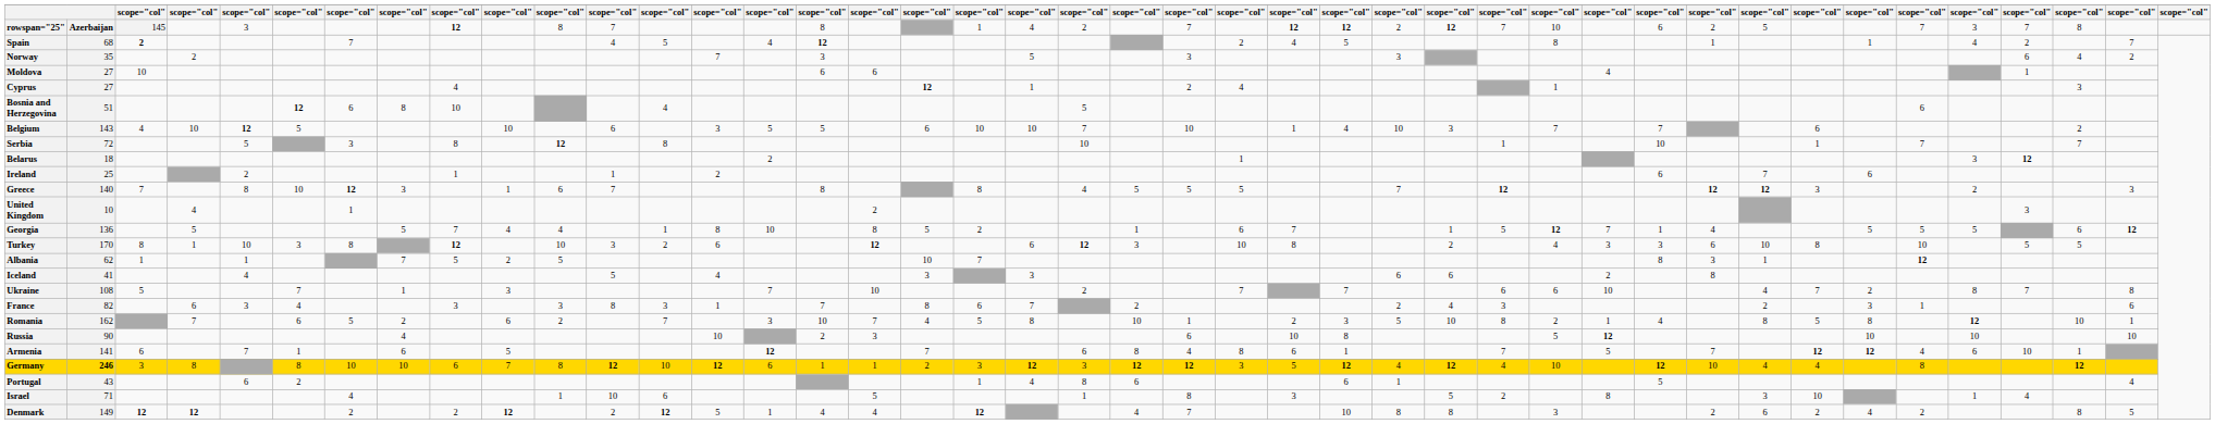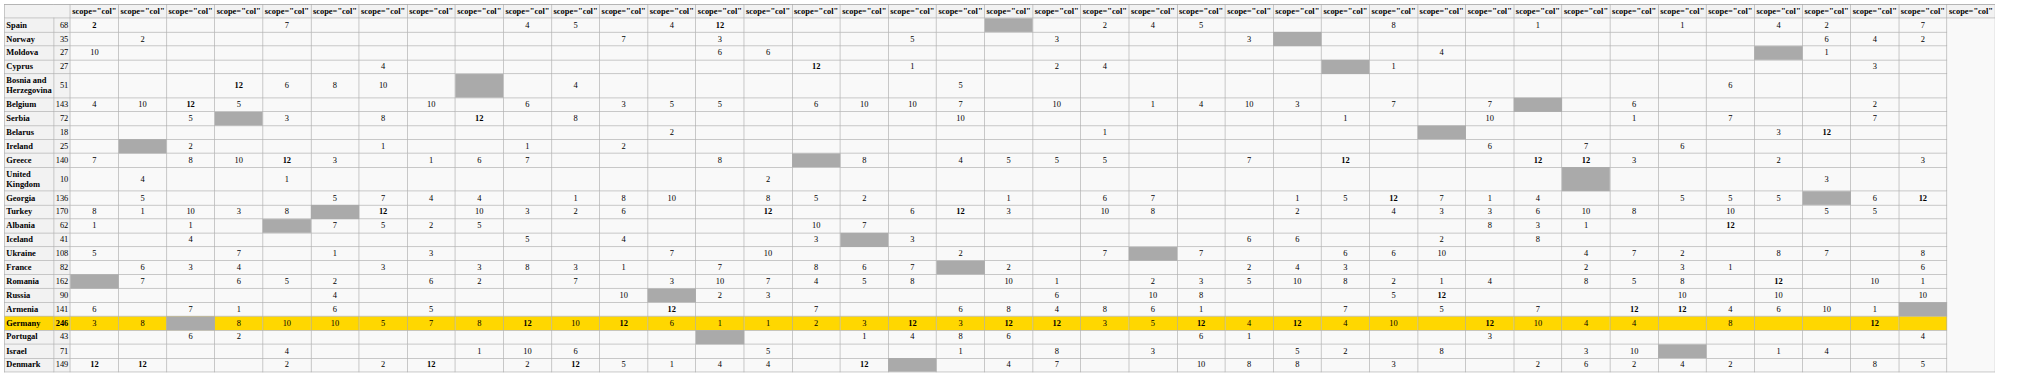 <table class="wikitable plainrowheaders" style="text-align:center; font-size:85%;">
 <tr>
 </tr>
 <tr>
 <th colspan="2"></th>
 <th>scope="col" </th>
 <th>scope="col" </th>
 <th>scope="col" </th>
 <th>scope="col" </th>
 <th>scope="col" </th>
 <th>scope="col" </th>
 <th>scope="col" </th>
 <th>scope="col" </th>
 <th>scope="col" </th>
 <th>scope="col" </th>
 <th>scope="col" </th>
 <th>scope="col" </th>
 <th>scope="col" </th>
 <th>scope="col" </th>
 <th>scope="col" </th>
 <th>scope="col" </th>
 <th>scope="col" </th>
 <th>scope="col" </th>
 <th>scope="col" </th>
 <th>scope="col" </th>
 <th>scope="col" </th>
 <th>scope="col" </th>
 <th>scope="col" </th>
 <th>scope="col" </th>
 <th>scope="col" </th>
 <th>scope="col" </th>
 <th>scope="col" </th>
 <th>scope="col" </th>
 <th>scope="col" </th>
 <th>scope="col" </th>
 <th>scope="col" </th>
 <th>scope="col" </th>
 <th>scope="col" </th>
 <th>scope="col" </th>
 <th>scope="col" </th>
 <th>scope="col" </th>
 <th>scope="col" </th>
 <th>scope="col" </th>
 <th>scope="col" </th>
 <th>scope="col" </th>
-</tr>
-<tr>
-<th>rowspan="25" </th>
-<th scope="row" style="text-align:left; background:#f2f2f2;">Azerbaijan</th>
-<td style="text-align:right; background:#f2f2f2;">145</td>
-<td></td>
-<td>3</td>
-<td></td>
-<td></td>
-<td></td>
-<td><strong>12</strong></td>
-<td></td>
-<td>8</td>
-<td>7</td>
-<td></td>
-<td></td>
-<td></td>
-<td>8</td>
-<td></td>
-<td style="text-align:left; background:#aaa;"></td>
-<td>1</td>
-<td>4</td>
-<td>2</td>
-<td></td>
-<td>7</td>
-<td></td>
-<td><strong>12</strong></td>
-<td><strong>12</strong></td>
-<td>2</td>
-<td><strong>12</strong></td>
-<td>7</td>
-<td>10</td>
-<td></td>
-<td>6</td>
-<td>2</td>
-<td>5</td>
-<td></td>
-<td></td>
-<td>7</td>
-<td>3</td>
-<td>7</td>
-<td>8</td>
-<td></td>
-<td></td>
 </tr>
 <tr>
 <th scope="row" style="text-align:left; background:#f2f2f2;">Spain</th>
 <td style="text-align:right; background:#f2f2f2;">68</td>
 <td><strong>2</strong></td>
 <td></td>
 <td></td>
 <td></td>
 <td>7</td>
 <td></td>
 <td></td>
 <td></td>
 <td></td>
 <td>4</td>
 <td>5</td>
 <td></td>
 <td>4</td>
 <td><strong>12</strong></td>
 <td></td>
 <td></td>
 <td></td>
 <td></td>
 <td></td>
 <td style="text-align:left; background:#aaa;"></td>
 <td></td>
 <td>2</td>
 <td>4</td>
 <td>5</td>
 <td></td>
 <td></td>
 <td></td>
 <td>8</td>
 <td></td>
 <td></td>
 <td>1</td>
 <td></td>
 <td></td>
 <td>1</td>
 <td></td>
 <td>4</td>
 <td>2</td>
 <td></td>
 <td>7</td>
 </tr>
 <tr>
 <th scope="row" style="text-align:left; background:#f2f2f2;">Norway</th>
 <td style="text-align:right; background:#f2f2f2;">35</td>
 <td></td>
 <td>2</td>
 <td></td>
 <td></td>
 <td></td>
 <td></td>
 <td></td>
 <td></td>
 <td></td>
 <td></td>
 <td></td>
 <td>7</td>
 <td></td>
 <td>3</td>
 <td></td>
 <td></td>
 <td></td>
 <td>5</td>
 <td></td>
 <td></td>
 <td>3</td>
 <td></td>
 <td></td>
 <td></td>
 <td>3</td>
 <td style="text-align:left; background:#aaa;"></td>
 <td></td>
 <td></td>
 <td></td>
 <td></td>
 <td></td>
 <td></td>
 <td></td>
 <td></td>
 <td></td>
 <td></td>
 <td>6</td>
 <td>4</td>
 <td>2</td>
 </tr>
 <tr>
 <th scope="row" style="text-align:left; background:#f2f2f2;">Moldova</th>
 <td style="text-align:right; background:#f2f2f2;">27</td>
 <td>10</td>
 <td></td>
 <td></td>
 <td></td>
 <td></td>
 <td></td>
 <td></td>
 <td></td>
 <td></td>
 <td></td>
 <td></td>
 <td></td>
 <td></td>
 <td>6</td>
 <td>6</td>
 <td></td>
 <td></td>
 <td></td>
 <td></td>
 <td></td>
 <td></td>
 <td></td>
 <td></td>
 <td></td>
 <td></td>
 <td></td>
 <td></td>
 <td></td>
 <td>4</td>
 <td></td>
 <td></td>
 <td></td>
 <td></td>
 <td></td>
 <td></td>
 <td style="text-align:left; background:#aaa;"></td>
 <td>1</td>
 <td></td>
 <td></td>
 </tr>
 <tr>
 <th scope="row" style="text-align:left; background:#f2f2f2;">Cyprus</th>
 <td style="text-align:right; background:#f2f2f2;">27</td>
 <td></td>
 <td></td>
 <td></td>
 <td></td>
 <td></td>
 <td></td>
 <td>4</td>
 <td></td>
 <td></td>
 <td></td>
 <td></td>
 <td></td>
 <td></td>
 <td></td>
 <td></td>
 <td><strong>12</strong></td>
 <td></td>
 <td>1</td>
 <td></td>
 <td></td>
 <td>2</td>
 <td>4</td>
 <td></td>
 <td></td>
 <td></td>
 <td></td>
 <td style="text-align:left; background:#aaa;"></td>
 <td>1</td>
 <td></td>
 <td></td>
 <td></td>
 <td></td>
 <td></td>
 <td></td>
 <td></td>
 <td></td>
 <td></td>
 <td>3</td>
 <td></td>
 </tr>
 <tr>
 <th scope="row" style="text-align:left; background:#f2f2f2;">Bosnia and Herzegovina</th>
 <td style="text-align:right; background:#f2f2f2;">51</td>
 <td></td>
 <td></td>
 <td></td>
 <td><strong>12</strong></td>
 <td>6</td>
 <td>8</td>
 <td>10</td>
 <td></td>
 <td style="text-align:left; background:#aaa;"></td>
 <td></td>
 <td>4</td>
 <td></td>
 <td></td>
 <td></td>
 <td></td>
 <td></td>
 <td></td>
 <td></td>
 <td>5</td>
 <td></td>
 <td></td>
 <td></td>
 <td></td>
 <td></td>
 <td></td>
 <td></td>
 <td></td>
 <td></td>
 <td></td>
 <td></td>
 <td></td>
 <td></td>
 <td></td>
 <td></td>
 <td>6</td>
 <td></td>
 <td></td>
 <td></td>
 <td></td>
 </tr>
 <tr>
 <th scope="row" style="text-align:left; background:#f2f2f2;">Belgium</th>
 <td style="text-align:right; background:#f2f2f2;">143</td>
 <td>4</td>
 <td>10</td>
 <td><strong>12</strong></td>
 <td>5</td>
 <td></td>
 <td></td>
 <td></td>
 <td>10</td>
 <td></td>
 <td>6</td>
 <td></td>
 <td>3</td>
 <td>5</td>
 <td>5</td>
 <td></td>
 <td>6</td>
 <td>10</td>
 <td>10</td>
 <td>7</td>
 <td></td>
 <td>10</td>
 <td></td>
 <td>1</td>
 <td>4</td>
 <td>10</td>
 <td>3</td>
 <td></td>
 <td>7</td>
 <td></td>
 <td>7</td>
 <td style="text-align:left; background:#aaa;"></td>
 <td></td>
 <td>6</td>
 <td></td>
 <td></td>
 <td></td>
 <td></td>
 <td>2</td>
 <td></td>
 </tr>
 <tr>
 <th scope="row" style="text-align:left; background:#f2f2f2;">Serbia</th>
 <td style="text-align:right; background:#f2f2f2;">72</td>
 <td></td>
 <td></td>
 <td>5</td>
 <td style="text-align:left; background:#aaa;"></td>
 <td>3</td>
 <td></td>
 <td>8</td>
 <td></td>
 <td><strong>12</strong></td>
 <td></td>
 <td>8</td>
 <td></td>
 <td></td>
 <td></td>
 <td></td>
 <td></td>
 <td></td>
 <td></td>
 <td>10</td>
 <td></td>
 <td></td>
 <td></td>
 <td></td>
 <td></td>
 <td></td>
 <td></td>
 <td>1</td>
 <td></td>
 <td></td>
 <td>10</td>
 <td></td>
 <td></td>
 <td>1</td>
 <td></td>
 <td>7</td>
 <td></td>
 <td></td>
 <td>7</td>
 <td></td>
 </tr>
 <tr>
 <th scope="row" style="text-align:left; background:#f2f2f2;">Belarus</th>
 <td style="text-align:right; background:#f2f2f2;">18</td>
 <td></td>
 <td></td>
 <td></td>
 <td></td>
 <td></td>
 <td></td>
 <td></td>
 <td></td>
 <td></td>
 <td></td>
 <td></td>
 <td></td>
 <td>2</td>
 <td></td>
 <td></td>
 <td></td>
 <td></td>
 <td></td>
 <td></td>
 <td></td>
 <td></td>
 <td>1</td>
 <td></td>
 <td></td>
 <td></td>
 <td></td>
 <td></td>
 <td></td>
 <td style="text-align:left; background:#aaa;"></td>
 <td></td>
 <td></td>
 <td></td>
 <td></td>
 <td></td>
 <td></td>
 <td>3</td>
 <td><strong>12</strong></td>
 <td></td>
 <td></td>
 </tr>
 <tr>
 <th scope="row" style="text-align:left; background:#f2f2f2;">Ireland</th>
 <td style="text-align:right; background:#f2f2f2;">25</td>
 <td></td>
 <td style="text-align:left; background:#aaa;"></td>
 <td>2</td>
 <td></td>
 <td></td>
 <td></td>
 <td>1</td>
 <td></td>
 <td></td>
 <td>1</td>
 <td></td>
 <td>2</td>
 <td></td>
 <td></td>
 <td></td>
 <td></td>
 <td></td>
 <td></td>
 <td></td>
 <td></td>
 <td></td>
 <td></td>
 <td></td>
 <td></td>
 <td></td>
 <td></td>
 <td></td>
 <td></td>
 <td></td>
 <td>6</td>
 <td></td>
 <td>7</td>
 <td></td>
 <td>6</td>
 <td></td>
 <td></td>
 <td></td>
 <td></td>
 <td></td>
 </tr>
 <tr>
 <th scope="row" style="text-align:left; background:#f2f2f2;">Greece</th>
 <td style="text-align:right; background:#f2f2f2;">140</td>
 <td>7</td>
 <td></td>
 <td>8</td>
 <td>10</td>
 <td><strong>12</strong></td>
 <td>3</td>
 <td></td>
 <td>1</td>
 <td>6</td>
 <td>7</td>
 <td></td>
 <td></td>
 <td></td>
 <td>8</td>
 <td></td>
 <td style="text-align:left; background:#aaa;"></td>
 <td>8</td>
 <td></td>
 <td>4</td>
 <td>5</td>
 <td>5</td>
 <td>5</td>
 <td></td>
 <td></td>
 <td>7</td>
 <td></td>
 <td><strong>12</strong></td>
 <td></td>
 <td></td>
 <td></td>
 <td><strong>12</strong></td>
 <td><strong>12</strong></td>
 <td>3</td>
 <td></td>
 <td></td>
 <td>2</td>
 <td></td>
 <td></td>
 <td>3</td>
 </tr>
 <tr>
 <th scope="row" style="text-align:left; background:#f2f2f2;">United Kingdom</th>
 <td style="text-align:right; background:#f2f2f2;">10</td>
 <td></td>
 <td>4</td>
 <td></td>
 <td></td>
 <td>1</td>
 <td></td>
 <td></td>
 <td></td>
 <td></td>
 <td></td>
 <td></td>
 <td></td>
 <td></td>
 <td></td>
 <td>2</td>
 <td></td>
 <td></td>
 <td></td>
 <td></td>
 <td></td>
 <td></td>
 <td></td>
 <td></td>
 <td></td>
 <td></td>
 <td></td>
 <td></td>
 <td></td>
 <td></td>
 <td></td>
 <td></td>
 <td style="text-align:left; background:#aaa;"></td>
 <td></td>
 <td></td>
 <td></td>
 <td></td>
 <td>3</td>
 <td></td>
 <td></td>
 </tr>
 <tr>
 <th scope="row" style="text-align:left; background:#f2f2f2;">Georgia</th>
 <td style="text-align:right; background:#f2f2f2;">136</td>
 <td></td>
 <td>5</td>
 <td></td>
 <td></td>
 <td></td>
 <td>5</td>
 <td>7</td>
 <td>4</td>
 <td>4</td>
 <td></td>
 <td>1</td>
 <td>8</td>
 <td>10</td>
 <td></td>
 <td>8</td>
 <td>5</td>
 <td>2</td>
 <td></td>
 <td></td>
 <td>1</td>
 <td></td>
 <td>6</td>
 <td>7</td>
 <td></td>
 <td></td>
 <td>1</td>
 <td>5</td>
 <td><strong>12</strong></td>
 <td>7</td>
 <td>1</td>
 <td>4</td>
 <td></td>
 <td></td>
 <td>5</td>
 <td>5</td>
 <td>5</td>
 <td style="text-align:left; background:#aaa;"></td>
 <td>6</td>
 <td><strong>12</strong></td>
 </tr>
 <tr>
 <th scope="row" style="text-align:left; background:#f2f2f2;">Turkey</th>
 <td style="text-align:right; background:#f2f2f2;">170</td>
 <td>8</td>
 <td>1</td>
 <td>10</td>
 <td>3</td>
 <td>8</td>
 <td style="text-align:left; background:#aaa;"></td>
 <td><strong>12</strong></td>
 <td></td>
 <td>10</td>
 <td>3</td>
 <td>2</td>
 <td>6</td>
 <td></td>
 <td></td>
 <td><strong>12</strong></td>
 <td></td>
 <td></td>
 <td>6</td>
 <td><strong>12</strong></td>
 <td>3</td>
 <td></td>
 <td>10</td>
 <td>8</td>
 <td></td>
 <td></td>
 <td>2</td>
 <td></td>
 <td>4</td>
 <td>3</td>
 <td>3</td>
 <td>6</td>
 <td>10</td>
 <td>8</td>
 <td></td>
 <td>10</td>
 <td></td>
 <td>5</td>
 <td>5</td>
 <td></td>
 </tr>
 <tr>
 <th scope="row" style="text-align:left; background:#f2f2f2;">Albania</th>
 <td style="text-align:right; background:#f2f2f2;">62</td>
 <td>1</td>
 <td></td>
 <td>1</td>
 <td></td>
 <td style="text-align:left; background:#aaa;"></td>
 <td>7</td>
 <td>5</td>
 <td>2</td>
 <td>5</td>
 <td></td>
 <td></td>
 <td></td>
 <td></td>
 <td></td>
 <td></td>
 <td>10</td>
 <td>7</td>
 <td></td>
 <td></td>
 <td></td>
 <td></td>
 <td></td>
 <td></td>
 <td></td>
 <td></td>
 <td></td>
 <td></td>
 <td></td>
 <td></td>
 <td>8</td>
 <td>3</td>
 <td>1</td>
 <td></td>
 <td></td>
 <td><strong>12</strong></td>
 <td></td>
 <td></td>
 <td></td>
 <td></td>
 </tr>
 <tr>
 <th scope="row" style="text-align:left; background:#f2f2f2;">Iceland</th>
 <td style="text-align:right; background:#f2f2f2;">41</td>
 <td></td>
 <td></td>
 <td>4</td>
 <td></td>
 <td></td>
 <td></td>
 <td></td>
 <td></td>
 <td></td>
 <td>5</td>
 <td></td>
 <td>4</td>
 <td></td>
 <td></td>
 <td></td>
 <td>3</td>
 <td style="text-align:left; background:#aaa;"></td>
 <td>3</td>
 <td></td>
 <td></td>
 <td></td>
 <td></td>
 <td></td>
 <td></td>
 <td>6</td>
 <td>6</td>
 <td></td>
 <td></td>
 <td>2</td>
 <td></td>
 <td>8</td>
 <td></td>
 <td></td>
 <td></td>
 <td></td>
 <td></td>
 <td></td>
 <td></td>
 <td></td>
 </tr>
 <tr>
 <th scope="row" style="text-align:left; background:#f2f2f2;">Ukraine</th>
 <td style="text-align:right; background:#f2f2f2;">108</td>
 <td>5</td>
 <td></td>
 <td></td>
 <td>7</td>
 <td></td>
 <td>1</td>
 <td></td>
 <td>3</td>
 <td></td>
 <td></td>
 <td></td>
 <td></td>
 <td>7</td>
 <td></td>
 <td>10</td>
 <td></td>
 <td></td>
 <td></td>
 <td>2</td>
 <td></td>
 <td></td>
 <td>7</td>
 <td style="text-align:left; background:#aaa;"></td>
 <td>7</td>
 <td></td>
 <td></td>
 <td>6</td>
 <td>6</td>
 <td>10</td>
 <td></td>
 <td></td>
 <td>4</td>
 <td>7</td>
 <td>2</td>
 <td></td>
 <td>8</td>
 <td>7</td>
 <td></td>
 <td>8</td>
 </tr>
 <tr>
 <th scope="row" style="text-align:left; background:#f2f2f2;">France</th>
 <td style="text-align:right; background:#f2f2f2;">82</td>
 <td></td>
 <td>6</td>
 <td>3</td>
 <td>4</td>
 <td></td>
 <td></td>
 <td>3</td>
 <td></td>
 <td>3</td>
 <td>8</td>
 <td>3</td>
 <td>1</td>
 <td></td>
 <td>7</td>
 <td></td>
 <td>8</td>
 <td>6</td>
 <td>7</td>
 <td style="text-align:left; background:#aaa;"></td>
 <td>2</td>
 <td></td>
 <td></td>
 <td></td>
 <td></td>
 <td>2</td>
 <td>4</td>
 <td>3</td>
 <td></td>
 <td></td>
 <td></td>
 <td></td>
 <td>2</td>
 <td></td>
 <td>3</td>
 <td>1</td>
 <td></td>
 <td></td>
 <td></td>
 <td>6</td>
 </tr>
 <tr>
 <th scope="row" style="text-align:left; background:#f2f2f2;">Romania</th>
 <td style="text-align:right; background:#f2f2f2;">162</td>
 <td style="text-align:left; background:#aaa;"></td>
 <td>7</td>
 <td></td>
 <td>6</td>
 <td>5</td>
 <td>2</td>
 <td></td>
 <td>6</td>
 <td>2</td>
 <td></td>
 <td>7</td>
 <td></td>
 <td>3</td>
 <td>10</td>
 <td>7</td>
 <td>4</td>
 <td>5</td>
 <td>8</td>
 <td></td>
 <td>10</td>
 <td>1</td>
 <td></td>
 <td>2</td>
 <td>3</td>
 <td>5</td>
 <td>10</td>
 <td>8</td>
 <td>2</td>
 <td>1</td>
 <td>4</td>
 <td></td>
 <td>8</td>
 <td>5</td>
 <td>8</td>
 <td></td>
 <td><strong>12</strong></td>
 <td></td>
 <td>10</td>
 <td>1</td>
 </tr>
 <tr>
 <th scope="row" style="text-align:left; background:#f2f2f2;">Russia</th>
 <td style="text-align:right; background:#f2f2f2;">90</td>
 <td></td>
 <td></td>
 <td></td>
 <td></td>
 <td></td>
 <td>4</td>
 <td></td>
 <td></td>
 <td></td>
 <td></td>
 <td></td>
 <td>10</td>
 <td style="text-align:left; background:#aaa;"></td>
 <td>2</td>
 <td>3</td>
 <td></td>
 <td></td>
 <td></td>
 <td></td>
 <td></td>
 <td>6</td>
 <td></td>
 <td>10</td>
 <td>8</td>
 <td></td>
 <td></td>
 <td></td>
 <td>5</td>
 <td><strong>12</strong></td>
 <td></td>
 <td></td>
 <td></td>
 <td></td>
 <td>10</td>
 <td></td>
 <td>10</td>
 <td></td>
 <td></td>
 <td>10</td>
 </tr>
 <tr>
 <th scope="row" style="text-align:left; background:#f2f2f2;">Armenia</th>
 <td style="text-align:right; background:#f2f2f2;">141</td>
 <td>6</td>
 <td></td>
 <td>7</td>
 <td>1</td>
 <td></td>
 <td>6</td>
 <td></td>
 <td>5</td>
 <td></td>
 <td></td>
 <td></td>
 <td></td>
 <td><strong>12</strong></td>
 <td></td>
 <td></td>
 <td>7</td>
 <td></td>
 <td></td>
 <td>6</td>
 <td>8</td>
 <td>4</td>
 <td>8</td>
 <td>6</td>
 <td>1</td>
 <td></td>
 <td></td>
 <td>7</td>
 <td></td>
 <td>5</td>
 <td></td>
 <td>7</td>
 <td></td>
 <td><strong>12</strong></td>
 <td><strong>12</strong></td>
 <td>4</td>
 <td>6</td>
 <td>10</td>
 <td>1</td>
 <td style="text-align:left; background:#aaa;"></td>
 </tr>
 <tr style="background:gold;">
 <th scope="row" style="text-align:left; font-weight:bold; background:gold;">Germany</th>
 <td style="text-align:right; font-weight:bold;">246</td>
 <td>3</td>
 <td>8</td>
 <td style="text-align:left; background:#aaa;"></td>
 <td>8</td>
 <td>10</td>
 <td>10</td>
-<td>6</td>
+<td>5</td>
 <td>7</td>
 <td>8</td>
 <td><strong>12</strong></td>
 <td>10</td>
 <td><strong>12</strong></td>
 <td>6</td>
 <td>1</td>
 <td>1</td>
 <td>2</td>
 <td>3</td>
 <td><strong>12</strong></td>
 <td>3</td>
 <td><strong>12</strong></td>
 <td><strong>12</strong></td>
 <td>3</td>
 <td>5</td>
 <td><strong>12</strong></td>
 <td>4</td>
 <td><strong>12</strong></td>
 <td>4</td>
 <td>10</td>
 <td></td>
 <td><strong>12</strong></td>
 <td>10</td>
 <td>4</td>
 <td>4</td>
 <td></td>
 <td>8</td>
 <td></td>
 <td></td>
 <td><strong>12</strong></td>
 <td></td>
 </tr>
 <tr>
 <th scope="row" style="text-align:left; background:#f2f2f2;">Portugal</th>
 <td style="text-align:right; background:#f2f2f2;">43</td>
 <td></td>
 <td></td>
 <td>6</td>
 <td>2</td>
 <td></td>
 <td></td>
 <td></td>
 <td></td>
 <td></td>
 <td></td>
 <td></td>
 <td></td>
 <td></td>
 <td style="text-align:left; background:#aaa;"></td>
 <td></td>
 <td></td>
 <td>1</td>
 <td>4</td>
 <td>8</td>
 <td>6</td>
 <td></td>
 <td></td>
 <td></td>
 <td>6</td>
 <td>1</td>
 <td></td>
 <td></td>
 <td></td>
 <td></td>
-<td>5</td>
+<td>3</td>
 <td></td>
 <td></td>
 <td></td>
 <td></td>
 <td></td>
 <td></td>
 <td></td>
 <td></td>
 <td>4</td>
 </tr>
 <tr>
 <th scope="row" style="text-align:left; background:#f2f2f2;">Israel</th>
 <td style="text-align:right; background:#f2f2f2;">71</td>
 <td></td>
 <td></td>
 <td></td>
 <td></td>
 <td>4</td>
 <td></td>
 <td></td>
 <td></td>
 <td>1</td>
 <td>10</td>
 <td>6</td>
 <td></td>
 <td></td>
 <td></td>
 <td>5</td>
 <td></td>
 <td></td>
 <td></td>
 <td>1</td>
 <td></td>
 <td>8</td>
 <td></td>
 <td>3</td>
 <td></td>
 <td></td>
 <td>5</td>
 <td>2</td>
 <td></td>
 <td>8</td>
 <td></td>
 <td></td>
 <td>3</td>
 <td>10</td>
 <td style="text-align:left; background:#aaa;"></td>
 <td></td>
 <td>1</td>
 <td>4</td>
 <td></td>
 <td></td>
 </tr>
 <tr>
 <th scope="row" style="text-align:left; background:#f2f2f2;">Denmark</th>
 <td style="text-align:right; background:#f2f2f2;">149</td>
 <td><strong>12</strong></td>
 <td><strong>12</strong></td>
 <td></td>
 <td></td>
 <td>2</td>
 <td></td>
 <td>2</td>
 <td><strong>12</strong></td>
 <td></td>
 <td>2</td>
 <td><strong>12</strong></td>
 <td>5</td>
 <td>1</td>
 <td>4</td>
 <td>4</td>
 <td></td>
 <td><strong>12</strong></td>
 <td style="text-align:left; background:#aaa;"></td>
 <td></td>
 <td>4</td>
 <td>7</td>
 <td></td>
 <td></td>
 <td>10</td>
 <td>8</td>
 <td>8</td>
 <td></td>
 <td>3</td>
 <td></td>
 <td></td>
 <td>2</td>
 <td>6</td>
 <td>2</td>
 <td>4</td>
 <td>2</td>
 <td></td>
 <td></td>
 <td>8</td>
 <td>5</td>
 </tr>
 </table>
